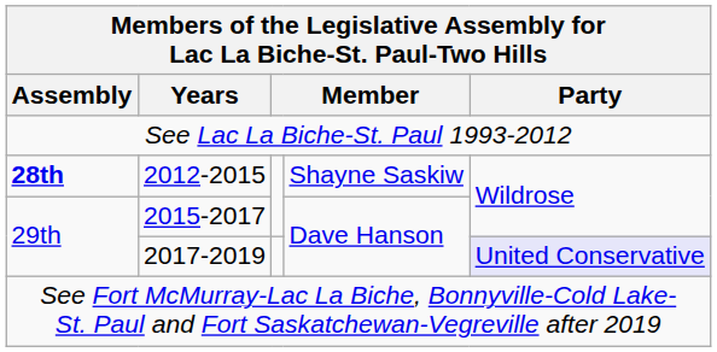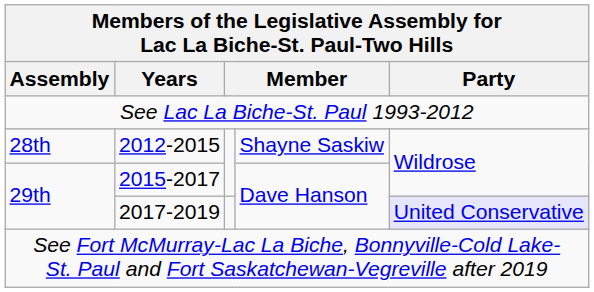 <table class="wikitable" align=right>
 <tr>
 <th colspan=5>Members of the Legislative Assembly for<br>Lac La Biche-St. Paul-Two Hills</th>
 </tr>
 <tr>
 <th>Assembly</th>
 <th>Years</th>
 <th colspan="2">Member</th>
 <th>Party</th>
 </tr>
 <tr>
 <td align="center" colspan=5><em>See <a href='#'>Lac La Biche-St. Paul</a> 1993-2012</em></td>
 </tr>
 <tr>
-<td><strong><a href='#'>28th</a></strong></td>
+<td><a href='#'>28th</a></td>
 <td><a href='#'>2012</a>-2015</td>
 <td rowspan=2 ></td>
 <td><a href='#'>Shayne Saskiw</a></td>
 <td rowspan=2><a href='#'>Wildrose</a></td>
 </tr>
 <tr>
 <td rowspan=2><a href='#'>29th</a></td>
 <td><a href='#'>2015</a>-2017</td>
 <td rowspan=2><a href='#'>Dave Hanson</a></td>
 </tr>
 <tr>
 <td>2017-2019</td>
 <td></td>
 <td style="background: lavender;"><a href='#'>United Conservative</a></td>
 </tr>
 <tr>
 <td align="center" colspan=5><em>See <a href='#'>Fort McMurray-Lac La Biche</a>, <a href='#'>Bonnyville-Cold Lake-<br>St. Paul</a> and <a href='#'>Fort Saskatchewan-Vegreville</a> after 2019</em></td>
 </tr>
 </table>
